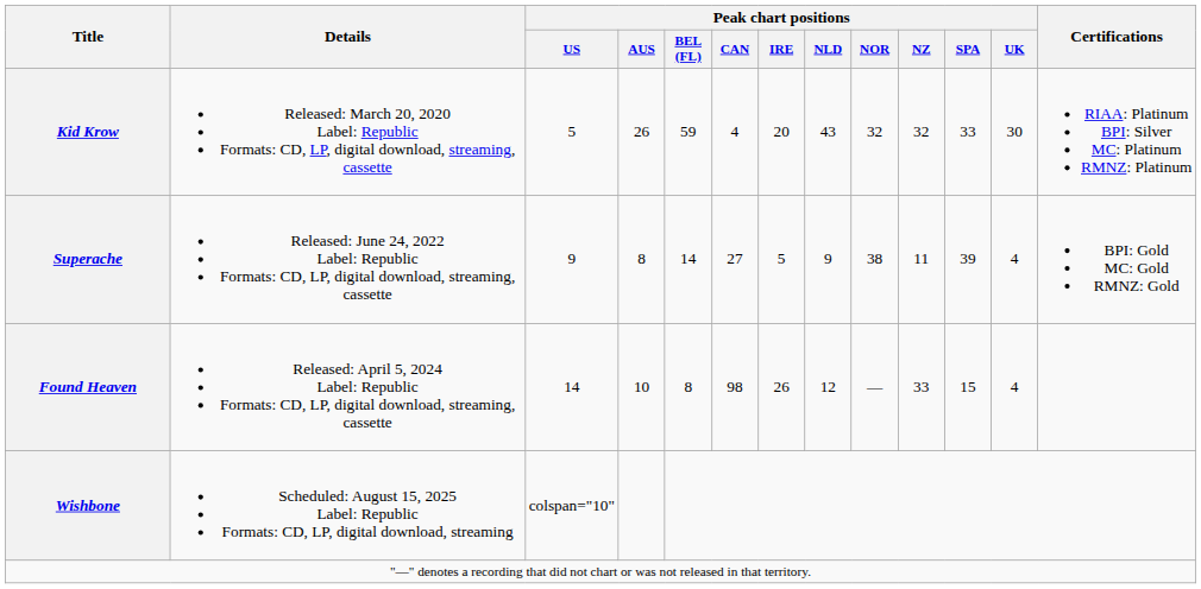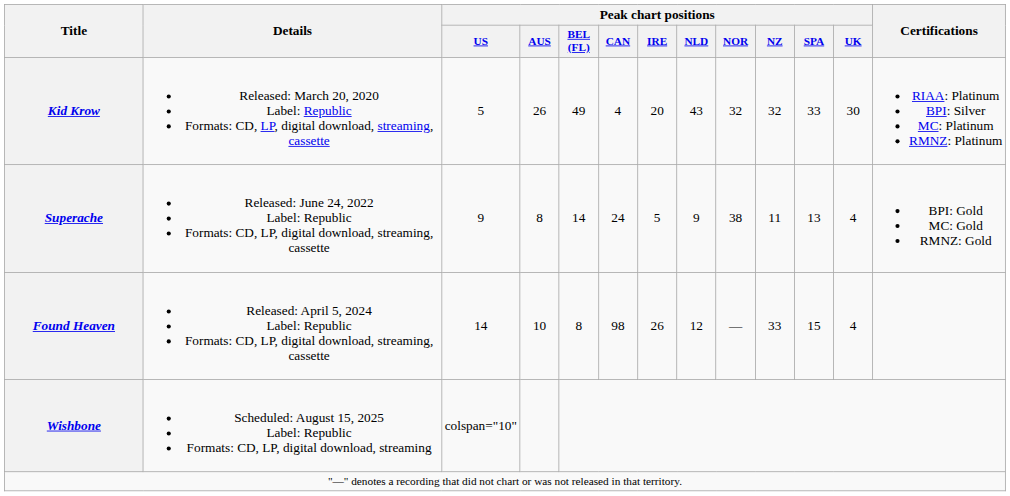 <table class="wikitable plainrowheaders" style="text-align:center;">
 <tr>
 <th scope="col" rowspan="2" style="width:10em;">Title</th>
 <th scope="col" rowspan="2" style="width:22em;">Details</th>
 <th scope="col" colspan="10">Peak chart positions</th>
 <th scope="col" rowspan="2">Certifications</th>
 </tr>
 <tr>
 <th scope="col" style="width:3em;font-size:85%;"><a href='#'>US</a><br></th>
 <th scope="col" style="width:3em;font-size:85%;"><a href='#'>AUS</a><br></th>
 <th scope="col" style="width:3em;font-size:85%;"><a href='#'>BEL<br>(FL)</a><br></th>
 <th scope="col" style="width:3em;font-size:85%;"><a href='#'>CAN</a><br></th>
 <th scope="col" style="width:3em;font-size:85%;"><a href='#'>IRE</a><br></th>
 <th scope="col" style="width:3em;font-size:85%;"><a href='#'>NLD</a><br></th>
 <th scope="col" style="width:3em;font-size:85%;"><a href='#'>NOR</a><br></th>
 <th scope="col" style="width:3em;font-size:85%;"><a href='#'>NZ</a><br></th>
 <th scope="col" style="width:3em;font-size:85%;"><a href='#'>SPA</a><br></th>
 <th scope="col" style="width:3em;font-size:85%;"><a href='#'>UK</a><br></th>
 </tr>
 <tr>
 <th scope="row"><em><a href='#'>Kid Krow</a></em></th>
 <td><br><ul><li>Released: March 20, 2020</li><li>Label: <a href='#'>Republic</a></li><li>Formats: CD, <a href='#'>LP</a>, digital download, <a href='#'>streaming</a>, <a href='#'>cassette</a></li></ul></td>
 <td>5</td>
 <td>26</td>
-<td>59</td>
+<td>49</td>
 <td>4</td>
 <td>20</td>
 <td>43</td>
 <td>32</td>
 <td>32</td>
 <td>33</td>
 <td>30</td>
 <td><br><ul><li><a href='#'>RIAA</a>: Platinum</li><li><a href='#'>BPI</a>: Silver</li><li><a href='#'>MC</a>: Platinum</li><li><a href='#'>RMNZ</a>: Platinum</li></ul></td>
 </tr>
 <tr>
 <th scope="row"><em><a href='#'>Superache</a></em></th>
 <td><br><ul><li>Released: June 24, 2022</li><li>Label: Republic</li><li>Formats: CD, LP, digital download, streaming, cassette</li></ul></td>
 <td>9</td>
 <td>8</td>
 <td>14</td>
-<td>27</td>
+<td>24</td>
 <td>5</td>
 <td>9</td>
 <td>38</td>
 <td>11</td>
-<td>39</td>
+<td>13</td>
 <td>4</td>
 <td><br><ul><li>BPI: Gold</li><li>MC: Gold</li><li>RMNZ: Gold</li></ul></td>
 </tr>
 <tr>
 <th scope="row"><em><a href='#'>Found Heaven</a></em></th>
 <td><br><ul><li>Released: April 5, 2024</li><li>Label: Republic</li><li>Formats: CD, LP, digital download, streaming, cassette</li></ul></td>
 <td>14</td>
 <td>10</td>
 <td>8</td>
 <td>98</td>
 <td>26</td>
 <td>12</td>
 <td>—</td>
 <td>33</td>
 <td>15</td>
 <td>4</td>
 <td></td>
 </tr>
 <tr>
 <th scope="row"><em><a href='#'>Wishbone</a></em></th>
 <td><br><ul><li>Scheduled: August 15, 2025</li><li>Label: Republic</li><li>Formats: CD, LP, digital download, streaming</li></ul></td>
 <td>colspan="10" </td>
 <td></td>
 </tr>
 <tr>
 <td colspan="17" style="font-size:85%">"—" denotes a recording that did not chart or was not released in that territory.</td>
 </tr>
 </table>
